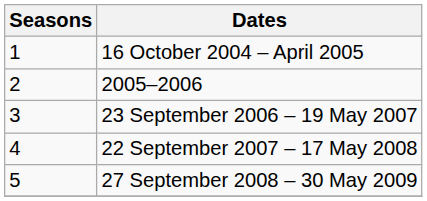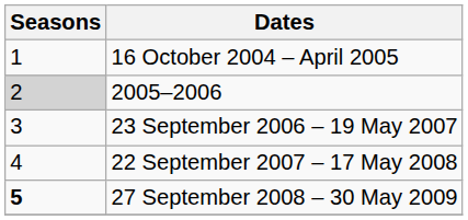 <table class="wikitable">
 <tr>
 <th>Seasons</th>
 <th>Dates</th>
 </tr>
 <tr>
 <td>1</td>
 <td>16 October 2004 – April 2005</td>
 </tr>
 <tr>
-<td>2</td>
+<td style="background: lightgrey;">2</td>
 <td>2005–2006</td>
 </tr>
 <tr>
 <td>3</td>
 <td>23 September 2006 – 19 May 2007</td>
 </tr>
 <tr>
 <td>4</td>
 <td>22 September 2007 – 17 May 2008</td>
 </tr>
 <tr>
-<td>5</td>
+<td><strong>5</strong></td>
 <td>27 September 2008 – 30 May 2009</td>
 </tr>
 <tr>
 </tr>
 </table>
